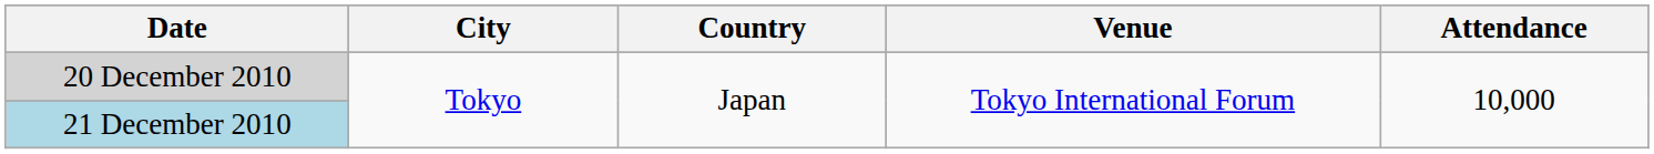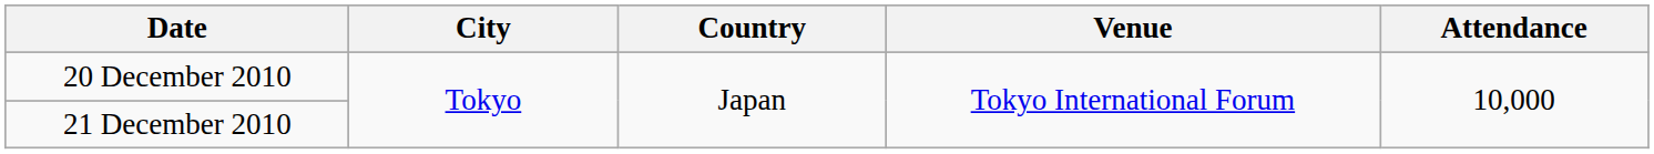 <table class="wikitable" style="text-align:center;">
 <tr>
 <th scope="col" style="width:11em;">Date</th>
 <th scope="col" style="width:8.5em;">City</th>
 <th scope="col" style="width:8.5em;">Country</th>
 <th scope="col" style="width:16em;">Venue</th>
 <th scope="col" style="width:8.5em;">Attendance</th>
 </tr>
 <tr>
-<td style="background: lightgrey;">20 December 2010</td>
+<td>20 December 2010</td>
 <td rowspan="2"><a href='#'>Tokyo</a></td>
 <td rowspan="2">Japan</td>
 <td rowspan="2"><a href='#'>Tokyo International Forum</a></td>
 <td rowspan="2">10,000</td>
 </tr>
 <tr>
-<td style="background: lightblue;">21 December 2010</td>
+<td>21 December 2010</td>
 </tr>
 </table>
